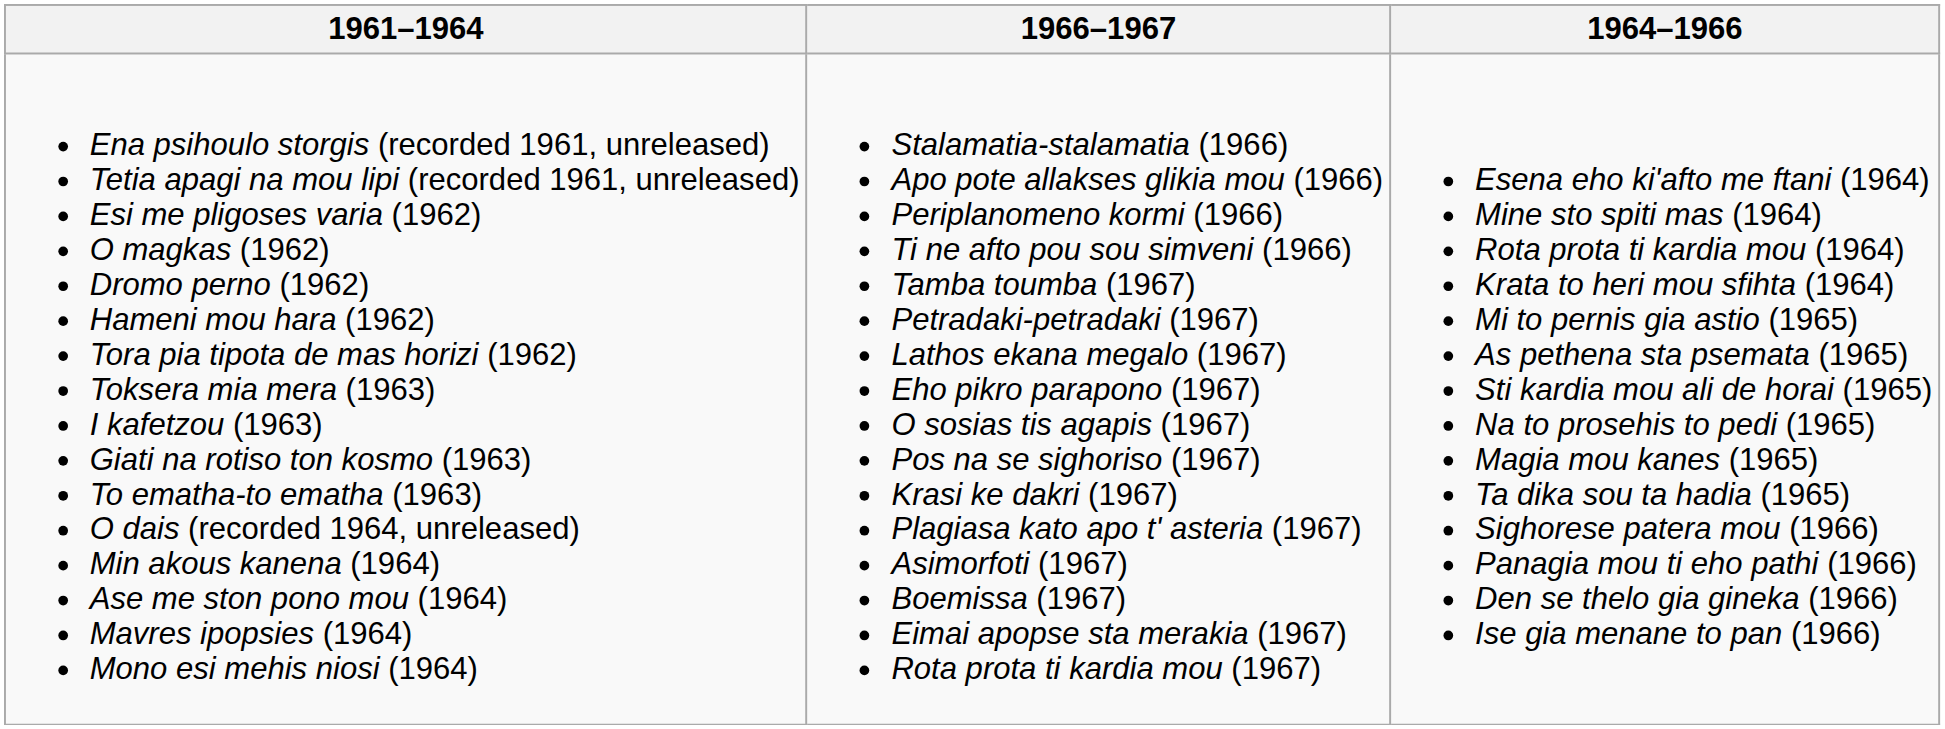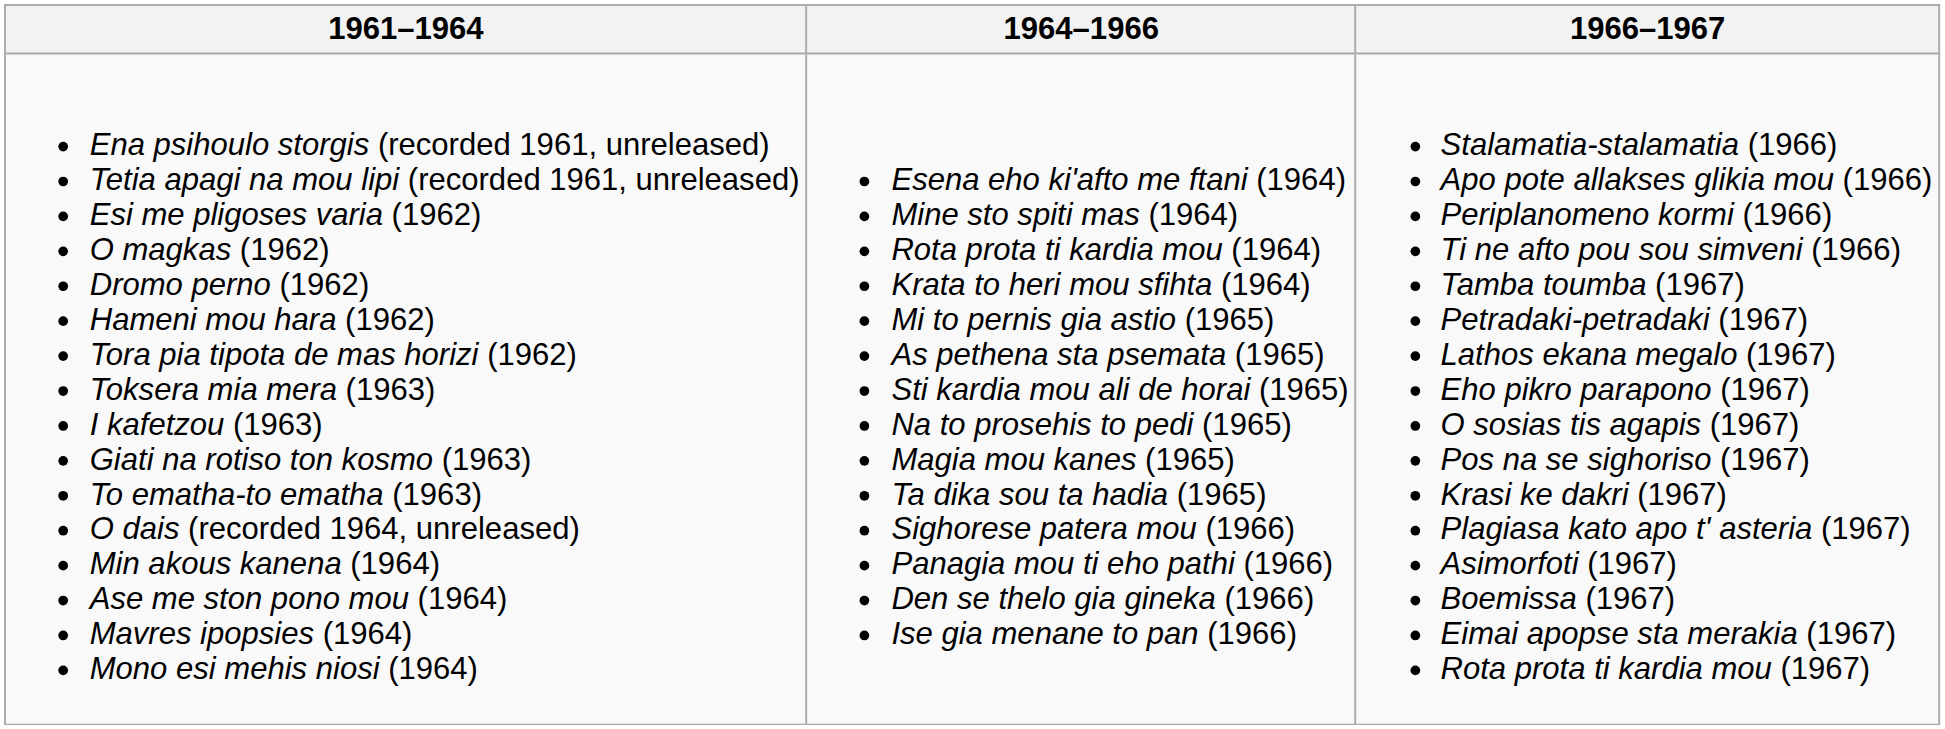 <table class="wikitable">
 <tr>
 <th>1961–1964</th>
+<th>1964–1966</th>
 <th>1966–1967</th>
-<th>1964–1966</th>
 </tr>
 <tr>
 <td><br><ul><li><em>Ena psihoulo storgis</em> (recorded 1961, unreleased)</li><li><em>Tetia apagi na mou lipi</em> (recorded 1961, unreleased)</li><li><em>Esi me pligoses varia</em> (1962)</li><li><em>O magkas</em> (1962)</li><li><em>Dromo perno</em> (1962)</li><li><em>Hameni mou hara</em> (1962)</li><li><em>Tora pia tipota de mas horizi</em> (1962)</li><li><em>Toksera mia mera</em> (1963)</li><li><em>I kafetzou</em> (1963)</li><li><em>Giati na rotiso ton kosmo</em> (1963)</li><li><em>To ematha-to ematha</em> (1963)</li><li><em>O dais</em> (recorded 1964, unreleased)</li><li><em>Min akous kanena</em> (1964)</li><li><em>Ase me ston pono mou</em> (1964)</li><li><em>Mavres ipopsies</em> (1964)</li><li><em>Mono esi mehis niosi</em> (1964)</li></ul></td>
+<td><br><ul><li><em>Esena eho ki'afto me ftani</em> (1964)</li><li><em>Mine sto spiti mas</em> (1964)</li><li><em>Rota prota ti kardia mou</em> (1964)</li><li><em>Krata to heri mou sfihta</em> (1964)</li><li><em>Mi to pernis gia astio</em> (1965)</li><li><em>As pethena sta psemata</em> (1965)</li><li><em>Sti kardia mou ali de horai</em> (1965)</li><li><em>Na to prosehis to pedi</em> (1965)</li><li><em>Magia mou kanes</em> (1965)</li><li><em>Ta dika sou ta hadia</em> (1965)</li><li><em>Sighorese patera mou</em> (1966)</li><li><em>Panagia mou ti eho pathi</em> (1966)</li><li><em>Den se thelo gia gineka</em> (1966)</li><li><em>Ise gia menane to pan</em> (1966)</li></ul></td>
 <td><br><ul><li><em>Stalamatia-stalamatia</em> (1966)</li><li><em>Apo pote allakses glikia mou</em> (1966)</li><li><em>Periplanomeno kormi</em> (1966)</li><li><em>Ti ne afto pou sou simveni</em> (1966)</li><li><em>Tamba toumba</em> (1967)</li><li><em>Petradaki-petradaki</em> (1967)</li><li><em>Lathos ekana megalo</em> (1967)</li><li><em>Eho pikro parapono</em> (1967)</li><li><em>O sosias tis agapis</em> (1967)</li><li><em>Pos na se sighoriso</em> (1967)</li><li><em>Krasi ke dakri</em> (1967)</li><li><em>Plagiasa kato apo t' asteria</em> (1967)</li><li><em>Asimorfoti</em> (1967)</li><li><em>Boemissa</em> (1967)</li><li><em>Eimai apopse sta merakia</em> (1967)</li><li><em>Rota prota ti kardia mou</em> (1967)</li></ul></td>
-<td><br><ul><li><em>Esena eho ki'afto me ftani</em> (1964)</li><li><em>Mine sto spiti mas</em> (1964)</li><li><em>Rota prota ti kardia mou</em> (1964)</li><li><em>Krata to heri mou sfihta</em> (1964)</li><li><em>Mi to pernis gia astio</em> (1965)</li><li><em>As pethena sta psemata</em> (1965)</li><li><em>Sti kardia mou ali de horai</em> (1965)</li><li><em>Na to prosehis to pedi</em> (1965)</li><li><em>Magia mou kanes</em> (1965)</li><li><em>Ta dika sou ta hadia</em> (1965)</li><li><em>Sighorese patera mou</em> (1966)</li><li><em>Panagia mou ti eho pathi</em> (1966)</li><li><em>Den se thelo gia gineka</em> (1966)</li><li><em>Ise gia menane to pan</em> (1966)</li></ul></td>
 </tr>
 </table>
